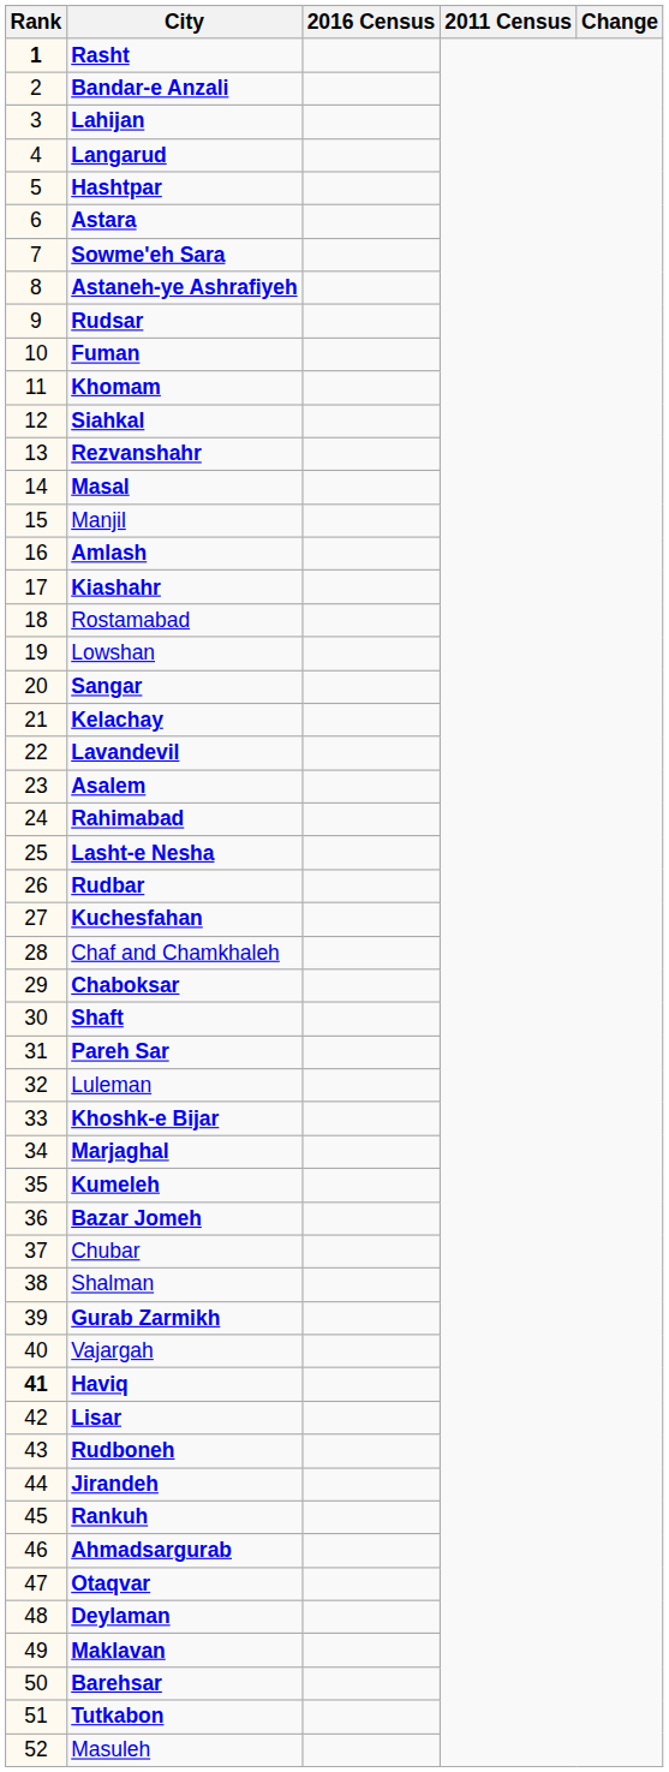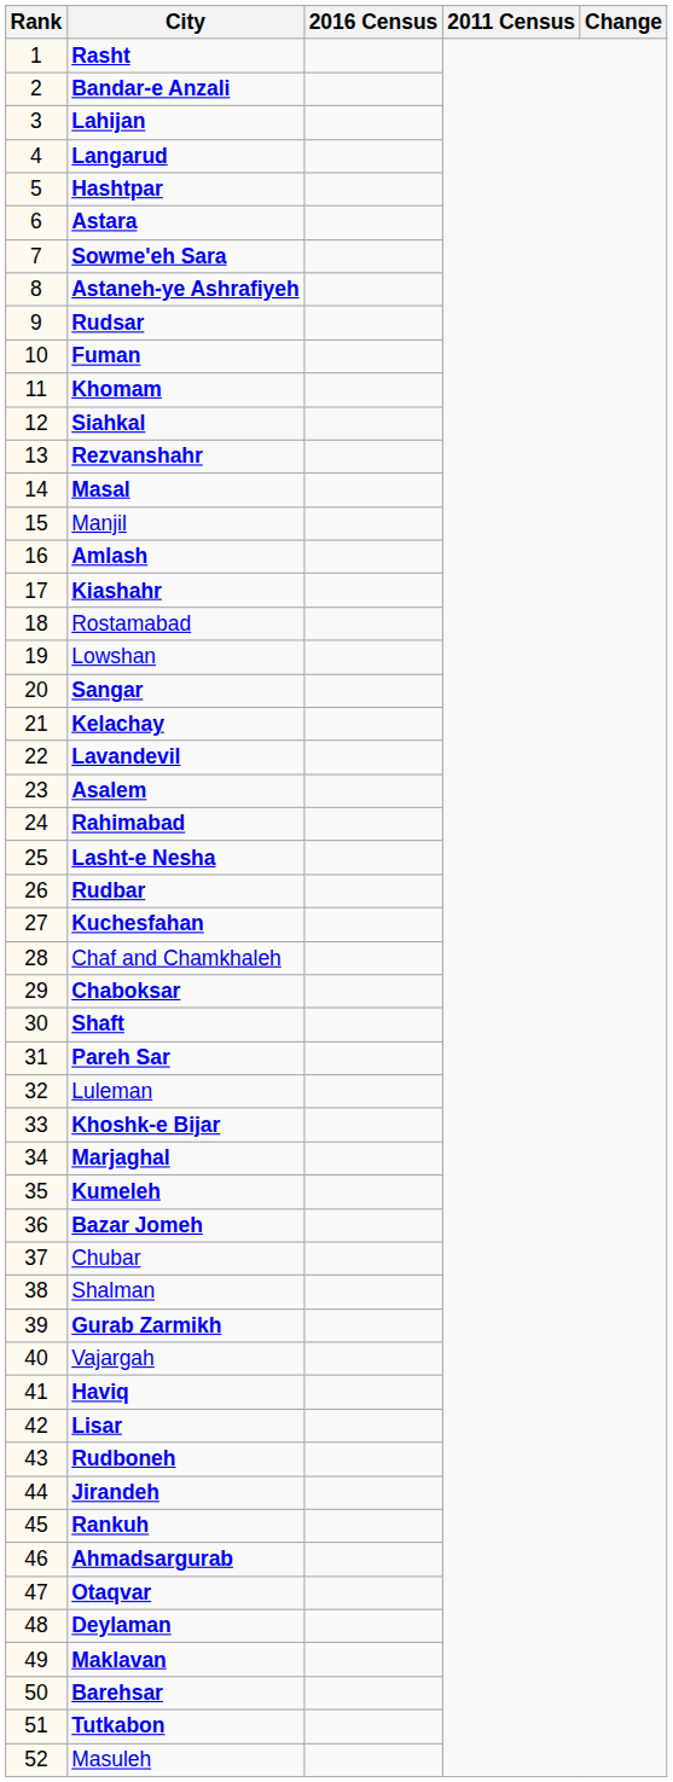 <table class="wikitable sortable">
 <tr>
 <th>Rank</th>
 <th>City</th>
 <th>2016 Census</th>
 <th>2011 Census</th>
 <th>Change</th>
 </tr>
 <tr>
-<td align=center bgcolor="FFFAF0"><strong>1</strong></td>
+<td align=center bgcolor="FFFAF0">1</td>
 <td><strong><a href='#'>Rasht</a></strong></td>
 <td></td>
 </tr>
 <tr>
 <td align=center bgcolor="FFFAF0">2</td>
 <td><strong><a href='#'>Bandar-e Anzali</a></strong></td>
 <td></td>
 </tr>
 <tr>
 <td align=center bgcolor="FFFAF0">3</td>
 <td><strong><a href='#'>Lahijan</a></strong></td>
 <td></td>
 </tr>
 <tr>
 <td align=center bgcolor="FFFAF0">4</td>
 <td><strong><a href='#'>Langarud</a></strong></td>
 <td></td>
 </tr>
 <tr>
 <td align=center bgcolor="FFFAF0">5</td>
 <td><strong><a href='#'>Hashtpar</a></strong></td>
 <td></td>
 </tr>
 <tr>
 <td align=center bgcolor="FFFAF0">6</td>
 <td><strong><a href='#'>Astara</a></strong></td>
 <td></td>
 </tr>
 <tr>
 <td align=center bgcolor="FFFAF0">7</td>
 <td><strong><a href='#'>Sowme'eh Sara</a></strong></td>
 <td></td>
 </tr>
 <tr>
 <td align=center bgcolor="FFFAF0">8</td>
 <td><strong><a href='#'>Astaneh-ye Ashrafiyeh</a></strong></td>
 <td></td>
 </tr>
 <tr>
 <td align=center bgcolor="FFFAF0">9</td>
 <td><strong><a href='#'>Rudsar</a></strong></td>
 <td></td>
 </tr>
 <tr>
 <td align=center bgcolor="FFFAF0">10</td>
 <td><strong><a href='#'>Fuman</a></strong></td>
 <td></td>
 </tr>
 <tr>
 <td align=center bgcolor="FFFAF0">11</td>
 <td><strong><a href='#'>Khomam</a></strong></td>
 <td></td>
 </tr>
 <tr>
 <td align=center bgcolor="FFFAF0">12</td>
 <td><strong><a href='#'>Siahkal</a></strong></td>
 <td></td>
 </tr>
 <tr>
 <td align=center bgcolor="FFFAF0">13</td>
 <td><strong><a href='#'>Rezvanshahr</a></strong></td>
 <td></td>
 </tr>
 <tr>
 <td align=center bgcolor="FFFAF0">14</td>
 <td><strong><a href='#'>Masal</a></strong></td>
 <td></td>
 </tr>
 <tr>
 <td align=center bgcolor="FFFAF0">15</td>
 <td><a href='#'>Manjil</a></td>
 <td></td>
 </tr>
 <tr>
 <td align=center bgcolor="FFFAF0">16</td>
 <td><strong><a href='#'>Amlash</a></strong></td>
 <td></td>
 </tr>
 <tr>
 <td align=center bgcolor="FFFAF0">17</td>
 <td><strong><a href='#'>Kiashahr</a></strong></td>
 <td></td>
 </tr>
 <tr>
 <td align=center bgcolor="FFFAF0">18</td>
 <td><a href='#'>Rostamabad</a></td>
 <td></td>
 </tr>
 <tr>
 <td align=center bgcolor="FFFAF0">19</td>
 <td><a href='#'>Lowshan</a></td>
 <td></td>
 </tr>
 <tr>
 <td align=center bgcolor="FFFAF0">20</td>
 <td><strong><a href='#'>Sangar</a></strong></td>
 <td></td>
 </tr>
 <tr>
 <td align=center bgcolor="FFFAF0">21</td>
 <td><strong><a href='#'>Kelachay</a></strong></td>
 <td></td>
 </tr>
 <tr>
 <td align=center bgcolor="FFFAF0">22</td>
 <td><strong><a href='#'>Lavandevil</a></strong></td>
 <td></td>
 </tr>
 <tr>
 <td align=center bgcolor="FFFAF0">23</td>
 <td><strong><a href='#'>Asalem</a></strong></td>
 <td></td>
 </tr>
 <tr>
 <td align=center bgcolor="FFFAF0">24</td>
 <td><strong><a href='#'>Rahimabad</a></strong></td>
 <td></td>
 </tr>
 <tr>
 <td align=center bgcolor="FFFAF0">25</td>
 <td><strong><a href='#'>Lasht-e Nesha</a></strong></td>
 <td></td>
 </tr>
 <tr>
 <td align=center bgcolor="FFFAF0">26</td>
 <td><strong><a href='#'>Rudbar</a></strong></td>
 <td></td>
 </tr>
 <tr>
 <td align=center bgcolor="FFFAF0">27</td>
 <td><strong><a href='#'>Kuchesfahan</a></strong></td>
 <td></td>
 </tr>
 <tr>
 <td align=center bgcolor="FFFAF0">28</td>
 <td><a href='#'>Chaf and Chamkhaleh</a></td>
 <td></td>
 </tr>
 <tr>
 <td align=center bgcolor="FFFAF0">29</td>
 <td><strong><a href='#'>Chaboksar</a></strong></td>
 <td></td>
 </tr>
 <tr>
 <td align=center bgcolor="FFFAF0">30</td>
 <td><strong><a href='#'>Shaft</a></strong></td>
 <td></td>
 </tr>
 <tr>
 <td align=center bgcolor="FFFAF0">31</td>
 <td><strong><a href='#'>Pareh Sar</a></strong></td>
 <td></td>
 </tr>
 <tr>
 <td align=center bgcolor="FFFAF0">32</td>
 <td><a href='#'>Luleman</a></td>
 <td></td>
 </tr>
 <tr>
 <td align=center bgcolor="FFFAF0">33</td>
 <td><strong><a href='#'>Khoshk-e Bijar</a></strong></td>
 <td></td>
 </tr>
 <tr>
 <td align=center bgcolor="FFFAF0">34</td>
 <td><strong><a href='#'>Marjaghal</a></strong></td>
 <td></td>
 </tr>
 <tr>
 <td align=center bgcolor="FFFAF0">35</td>
 <td><strong><a href='#'>Kumeleh</a></strong></td>
 <td></td>
 </tr>
 <tr>
 <td align=center bgcolor="FFFAF0">36</td>
 <td><strong><a href='#'>Bazar Jomeh</a></strong></td>
 <td></td>
 </tr>
 <tr>
 <td align=center bgcolor="FFFAF0">37</td>
 <td><a href='#'>Chubar</a></td>
 <td></td>
 </tr>
 <tr>
 <td align=center bgcolor="FFFAF0">38</td>
 <td><a href='#'>Shalman</a></td>
 <td></td>
 </tr>
 <tr>
 <td align=center bgcolor="FFFAF0">39</td>
 <td><strong><a href='#'>Gurab Zarmikh</a></strong></td>
 <td></td>
 </tr>
 <tr>
 <td align=center bgcolor="FFFAF0">40</td>
 <td><a href='#'>Vajargah</a></td>
 <td></td>
 </tr>
 <tr>
-<td align=center bgcolor="FFFAF0"><strong>41</strong></td>
+<td align=center bgcolor="FFFAF0">41</td>
 <td><strong><a href='#'>Haviq</a></strong></td>
 <td></td>
 </tr>
 <tr>
 <td align=center bgcolor="FFFAF0">42</td>
 <td><strong><a href='#'>Lisar</a></strong></td>
 <td></td>
 </tr>
 <tr>
 <td align=center bgcolor="FFFAF0">43</td>
 <td><strong><a href='#'>Rudboneh</a></strong></td>
 <td></td>
 </tr>
 <tr>
 <td align=center bgcolor="FFFAF0">44</td>
 <td><strong><a href='#'>Jirandeh</a></strong></td>
 <td></td>
 </tr>
 <tr>
 <td align=center bgcolor="FFFAF0">45</td>
 <td><strong><a href='#'>Rankuh</a></strong></td>
 <td></td>
 </tr>
 <tr>
 <td align=center bgcolor="FFFAF0">46</td>
 <td><strong><a href='#'>Ahmadsargurab</a></strong></td>
 <td></td>
 </tr>
 <tr>
 <td align=center bgcolor="FFFAF0">47</td>
 <td><strong><a href='#'>Otaqvar</a></strong></td>
 <td></td>
 </tr>
 <tr>
 <td align=center bgcolor="FFFAF0">48</td>
 <td><strong><a href='#'>Deylaman</a></strong></td>
 <td></td>
 </tr>
 <tr>
 <td align=center bgcolor="FFFAF0">49</td>
 <td><strong><a href='#'>Maklavan</a></strong></td>
 <td></td>
 </tr>
 <tr>
 <td align=center bgcolor="FFFAF0">50</td>
 <td><strong><a href='#'>Barehsar</a></strong></td>
 <td></td>
 </tr>
 <tr>
 <td align=center bgcolor="FFFAF0">51</td>
 <td><strong><a href='#'>Tutkabon</a></strong></td>
 <td></td>
 </tr>
 <tr>
 <td align=center bgcolor="FFFAF0">52</td>
 <td><a href='#'>Masuleh</a></td>
 <td></td>
 </tr>
 <tr>
 </tr>
 </table>
